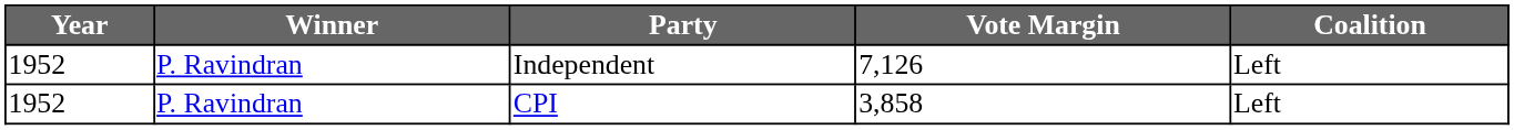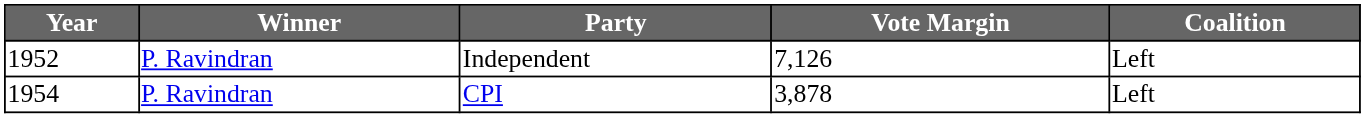 <table width="60%" cellpadding="1" cellspacing="0" border="1" style="border-collapse: collapse; border: 1px #000000 solid; font-size: 0.9em; font-family: verdana" style="font-size: 94%;">
 <tr>
 <th style="background-color:#666666; color:white">Year</th>
 <th style="background-color:#666666; color:white">Winner</th>
 <th style="background-color:#666666; color:white">Party</th>
 <th style="background-color:#666666; color:white">Vote Margin</th>
 <th style="background-color:#666666; color:white">Coalition</th>
 </tr>
 <tr --->
 <td>1952</td>
 <td><a href='#'>P. Ravindran</a></td>
 <td>Independent</td>
 <td>7,126</td>
 <td>Left</td>
 </tr>
 <tr --->
-<td>1952</td>
+<td>1954</td>
 <td><a href='#'>P. Ravindran</a></td>
 <td><a href='#'>CPI</a></td>
-<td>3,858</td>
+<td>3,878</td>
 <td>Left</td>
 </tr>
 </table>
